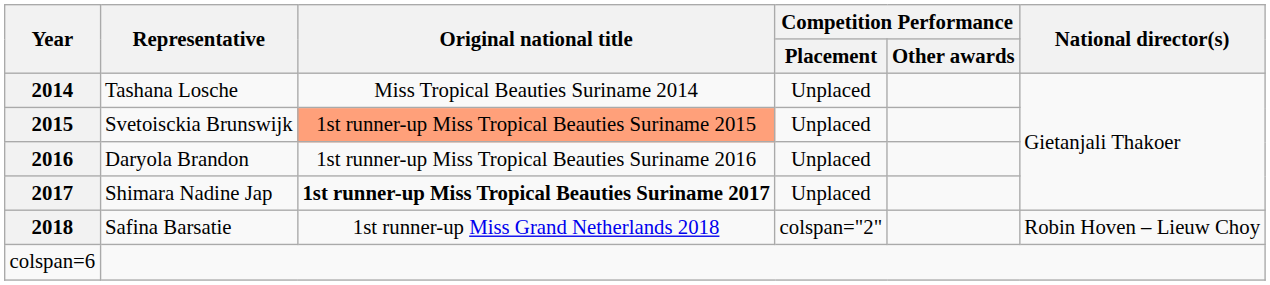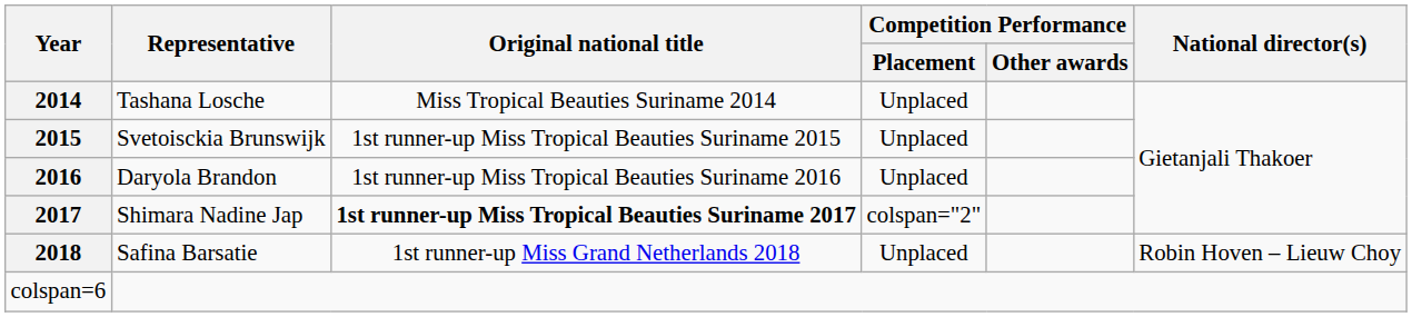 <table class="wikitable" style="font-size:95%;">
 <tr>
 <th rowspan=2>Year</th>
 <th rowspan=2>Representative</th>
 <th rowspan=2>Original national title</th>
 <th colspan=2>Competition Performance</th>
 <th rowspan=2>National director(s)</th>
 </tr>
 <tr>
 <th>Placement</th>
 <th>Other awards</th>
 </tr>
 <tr>
 <th>2014</th>
 <td>Tashana Losche</td>
 <td align=center>Miss Tropical Beauties Suriname 2014</td>
 <td align=center>Unplaced</td>
 <td></td>
 <td rowspan="4">Gietanjali Thakoer</td>
 </tr>
 <tr>
 <th>2015</th>
 <td>Svetoisckia Brunswijk</td>
-<td align=center style="background: lightsalmon;">1st runner-up Miss Tropical Beauties Suriname 2015</td>
+<td align=center>1st runner-up Miss Tropical Beauties Suriname 2015</td>
 <td align=center>Unplaced</td>
 <td></td>
 </tr>
 <tr>
 <th>2016</th>
 <td>Daryola Brandon</td>
 <td align=center>1st runner-up Miss Tropical Beauties Suriname 2016</td>
 <td align=center>Unplaced</td>
 <td></td>
 </tr>
 <tr>
 <th>2017</th>
 <td>Shimara Nadine Jap</td>
 <td align=center><strong>1st runner-up Miss Tropical Beauties Suriname 2017</strong></td>
-<td align=center>Unplaced</td>
+<td>colspan="2" </td>
 </tr>
 <tr>
 <th>2018</th>
 <td>Safina Barsatie</td>
 <td align=center>1st runner-up <a href='#'>Miss Grand Netherlands 2018</a></td>
-<td>colspan="2" </td>
+<td align=center>Unplaced</td>
 <td></td>
 <td>Robin Hoven – Lieuw Choy</td>
 </tr>
 <tr>
 <td>colspan=6 </td>
 </tr>
 </table>
